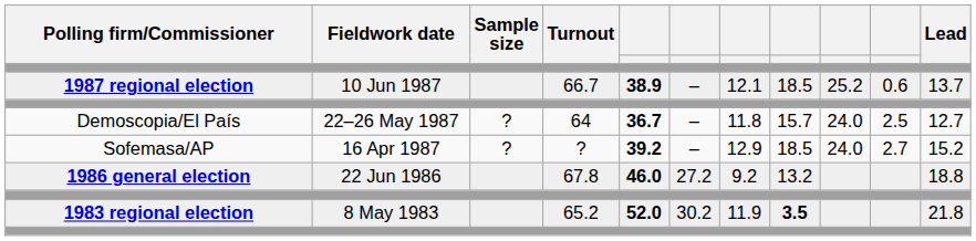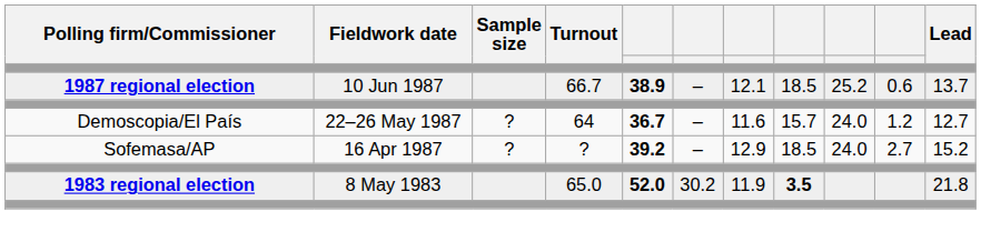 <table class="wikitable collapsible collapsed" style="text-align:center; font-size:95%; line-height:16px;">
 <tr style="height:42px;">
 <th style="width:250px;" rowspan="2">Polling firm/Commissioner</th>
 <th style="width:125px;" rowspan="2">Fieldwork date</th>
 <th style="width:50px;" rowspan="2">Sample size</th>
 <th style="width:45px;" rowspan="2">Turnout</th>
 <th style="width:35px;"></th>
 <th style="width:35px;"></th>
 <th style="width:35px;"></th>
 <th style="width:35px;"></th>
 <th style="width:35px;"></th>
 <th style="width:35px;"></th>
 <th style="width:30px;" rowspan="2">Lead</th>
 </tr>
 <tr>
 <th style="color:inherit;background:"></th>
 <th style="color:inherit;background:"></th>
 <th style="color:inherit;background:"></th>
 <th style="color:inherit;background:"></th>
 <th style="color:inherit;background:"></th>
 <th style="color:inherit;background:"></th>
 </tr>
 <tr>
 <td colspan="11" style="background:#A0A0A0"></td>
 </tr>
 <tr style="background:#EFEFEF;">
 <td><strong><a href='#'>1987 regional election</a></strong></td>
 <td>10 Jun 1987</td>
 <td></td>
 <td>66.7</td>
 <td><strong>38.9</strong><br></td>
 <td>–</td>
 <td>12.1<br></td>
 <td>18.5<br></td>
 <td>25.2<br></td>
 <td>0.6<br></td>
 <td style="background:">13.7</td>
 </tr>
 <tr>
 <td colspan="11" style="background:#A0A0A0"></td>
 </tr>
 <tr>
 <td>Demoscopia/El País</td>
 <td>22–26 May 1987</td>
 <td>?</td>
 <td>64</td>
 <td><strong>36.7</strong><br></td>
 <td>–</td>
-<td>11.8<br></td>
+<td>11.6<br></td>
 <td>15.7<br></td>
 <td>24.0<br></td>
-<td>2.5<br></td>
+<td>1.2<br></td>
 <td style="background:">12.7</td>
 </tr>
 <tr>
 <td>Sofemasa/AP</td>
 <td>16 Apr 1987</td>
 <td>?</td>
 <td>?</td>
 <td><strong>39.2</strong></td>
 <td>–</td>
 <td>12.9</td>
 <td>18.5</td>
 <td>24.0</td>
 <td>2.7</td>
 <td style="background:">15.2</td>
 </tr>
-<tr style="background:#EFEFEF;">
-<td><strong><a href='#'>1986 general election</a></strong></td>
-<td>22 Jun 1986</td>
-<td></td>
-<td>67.8</td>
-<td><strong>46.0</strong></td>
-<td>27.2</td>
-<td>9.2</td>
-<td>13.2</td>
-<td></td>
-<td></td>
-<td style="background:">18.8</td>
-</tr>
 <tr>
 <td colspan="11" style="background:#A0A0A0"></td>
 </tr>
 <tr style="background:#EFEFEF;">
 <td><strong><a href='#'>1983 regional election</a></strong></td>
 <td>8 May 1983</td>
 <td></td>
-<td>65.2</td>
+<td>65.0</td>
 <td><strong>52.0</strong><br></td>
 <td>30.2<br></td>
 <td>11.9<br></td>
 <td><strong>3.5<br></strong></td>
 <td></td>
 <td></td>
 <td style="background:">21.8</td>
 </tr>
 <tr>
 <td colspan="11" style="background:#A0A0A0"></td>
 </tr>
 </table>
